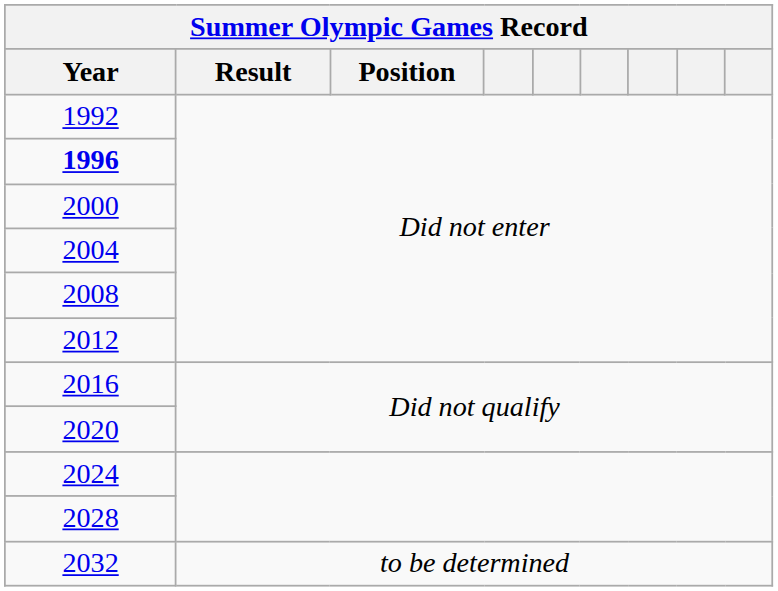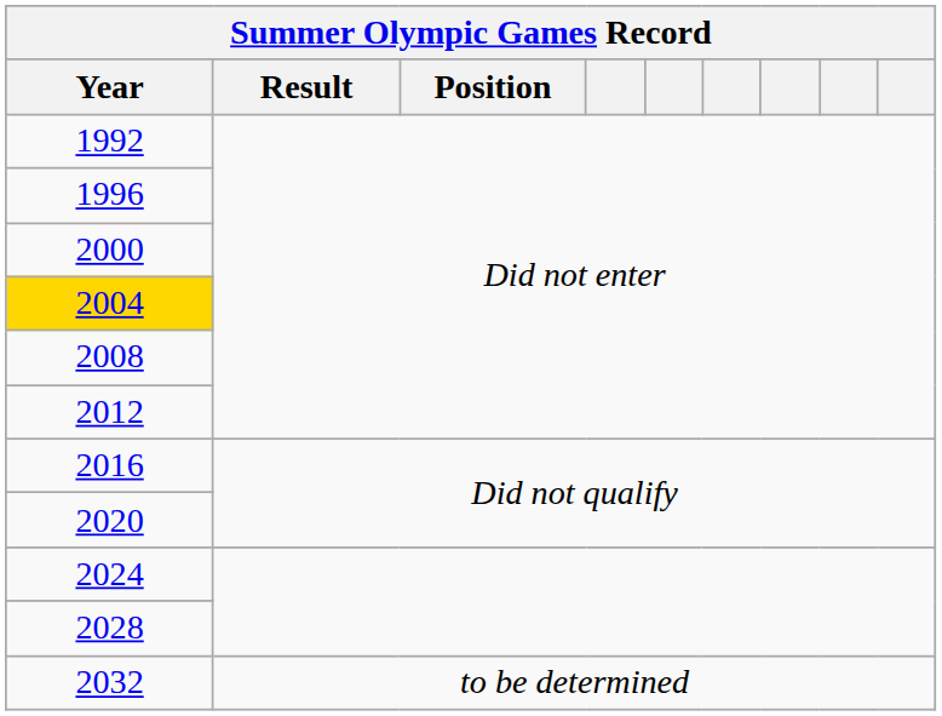 <table class="wikitable" style="text-align: center;">
 <tr>
 <th colspan=9><a href='#'>Summer Olympic Games</a> Record</th>
 </tr>
 <tr>
 <th width="90">Year</th>
 <th width="80">Result</th>
 <th width="80">Position</th>
 <th width="20"></th>
 <th width="20"></th>
 <th width="20"></th>
 <th width="20"></th>
 <th width="20"></th>
 <th width="20"></th>
 </tr>
 <tr>
 <td> <a href='#'>1992</a></td>
 <td rowspan=6 colspan=8><em>Did not enter</em></td>
 </tr>
 <tr>
-<td><strong> <a href='#'>1996</a></strong></td>
+<td> <a href='#'>1996</a></td>
 </tr>
 <tr>
 <td> <a href='#'>2000</a></td>
 </tr>
 <tr>
-<td> <a href='#'>2004</a></td>
+<td style="background: gold;"> <a href='#'>2004</a></td>
 </tr>
 <tr>
 <td> <a href='#'>2008</a></td>
 </tr>
 <tr>
 <td> <a href='#'>2012</a></td>
 </tr>
 <tr>
 <td> <a href='#'>2016</a></td>
 <td rowspan=2 colspan=8><em>Did not qualify</em></td>
 </tr>
 <tr>
 <td> <a href='#'>2020</a></td>
 </tr>
 <tr>
 <td> <a href='#'>2024</a></td>
 </tr>
 <tr>
 <td> <a href='#'>2028</a></td>
 </tr>
 <tr>
 <td> <a href='#'>2032</a></td>
 <td rowspan=2 colspan=8><em>to be determined</em></td>
 </tr>
 </table>
